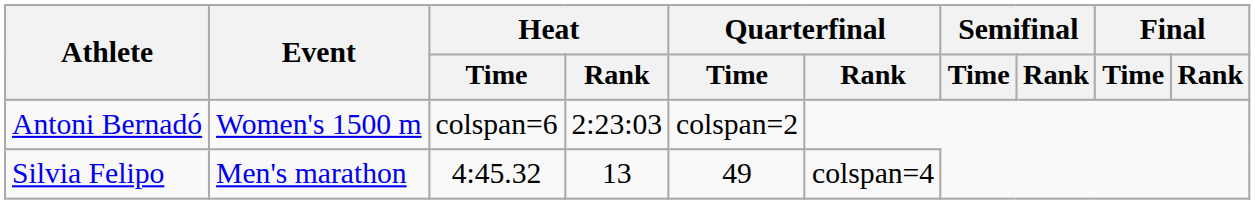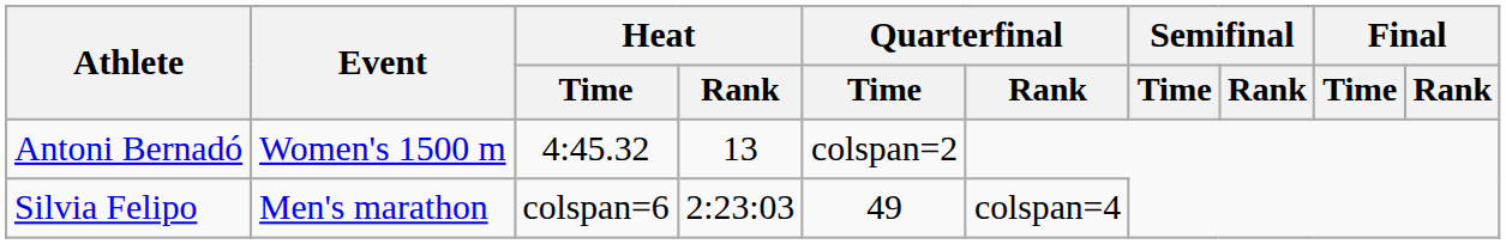 <table class=wikitable style=font-size:90%;text-align:center>
 <tr>
 <th rowspan=2>Athlete</th>
 <th rowspan=2>Event</th>
 <th colspan=2>Heat</th>
 <th colspan=2>Quarterfinal</th>
 <th colspan=2>Semifinal</th>
 <th colspan=2>Final</th>
 </tr>
 <tr style=font-size:95%>
 <th>Time</th>
 <th>Rank</th>
 <th>Time</th>
 <th>Rank</th>
 <th>Time</th>
 <th>Rank</th>
 <th>Time</th>
 <th>Rank</th>
 </tr>
 <tr>
 <td align=left><a href='#'>Antoni Bernadó</a></td>
 <td align=left><a href='#'>Women's 1500 m</a></td>
-<td>colspan=6 </td>
-<td>2:23:03</td>
+<td>4:45.32</td>
+<td>13</td>
 <td>colspan=2 </td>
 </tr>
 <tr>
 <td align=left><a href='#'>Silvia Felipo</a></td>
 <td align=left><a href='#'>Men's marathon</a></td>
-<td>4:45.32</td>
-<td>13</td>
+<td>colspan=6 </td>
+<td>2:23:03</td>
 <td>49</td>
 <td>colspan=4 </td>
 </tr>
 </table>
